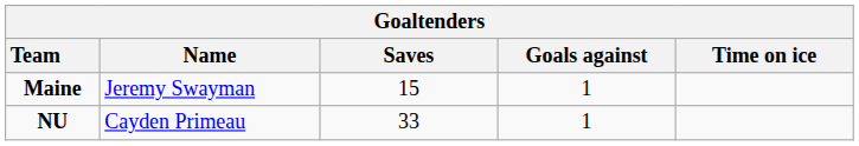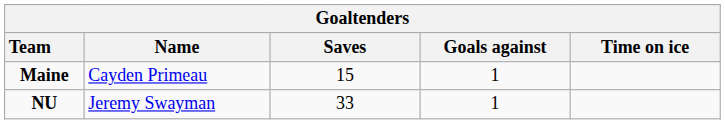 <table class="wikitable" style="width:40em; text-align:right;">
 <tr>
 <th colspan=5>Goaltenders</th>
 </tr>
 <tr>
 <th style="width:4em; text-align:left;">Team</th>
 <th style="width:10em;">Name</th>
 <th style="width:8em;">Saves</th>
 <th style="width:8em;">Goals against</th>
 <th style="width:8em;">Time on ice</th>
 </tr>
 <tr>
 <td align=center><strong>Maine</strong></td>
-<td style="text-align:left;"><a href='#'>Jeremy Swayman</a></td>
+<td style="text-align:left;"><a href='#'>Cayden Primeau</a></td>
 <td align=center>15</td>
 <td align=center>1</td>
 <td align=center></td>
 </tr>
 <tr>
 <td align=center><strong>NU</strong></td>
-<td style="text-align:left;"><a href='#'>Cayden Primeau</a></td>
+<td style="text-align:left;"><a href='#'>Jeremy Swayman</a></td>
 <td align=center>33</td>
 <td align=center>1</td>
 <td align=center></td>
 </tr>
 </table>
